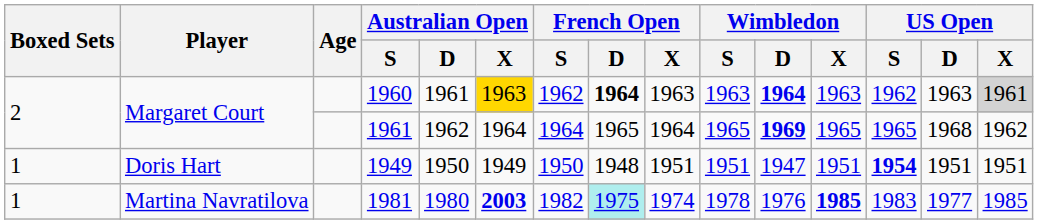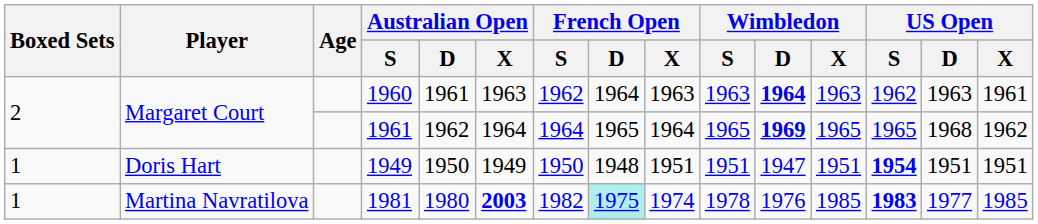 <table class="wikitable defaultcenter col2left sticky-table-col2">
 <tr>
 <th scope=colgroup rowspan="2">Boxed Sets</th>
 <th scope=colgroup rowspan="2">Player</th>
 <th scope=colgroup rowspan="2">Age</th>
 <th scope=colgroup colspan="3"><a href='#'>Australian Open</a></th>
 <th scope=colgroup colspan="3"><a href='#'>French Open</a></th>
 <th scope=colgroup colspan="3"><a href='#'>Wimbledon</a></th>
 <th scope=colgroup colspan="3"><a href='#'>US Open</a></th>
 </tr>
 <tr>
 <th scope=col>S</th>
 <th scope=col class="sticky-table-none">D</th>
 <th scope=col>X</th>
 <th scope=col>S</th>
 <th scope=col>D</th>
 <th scope=col>X</th>
 <th scope=col>S</th>
 <th scope=col>D</th>
 <th scope=col>X</th>
 <th scope=col>S</th>
 <th scope=col>D</th>
 <th scope=col>X</th>
 </tr>
 <tr>
 <td rowspan="2">2</td>
 <td rowspan="2"> <a href='#'>Margaret Court</a></td>
 <td></td>
 <td><a href='#'>1960</a></td>
 <td>1961</td>
-<td style="background: gold;">1963</td>
+<td>1963</td>
 <td><a href='#'>1962</a></td>
-<td><strong>1964</strong></td>
+<td>1964</td>
 <td>1963</td>
 <td><a href='#'>1963</a></td>
 <td><strong><a href='#'>1964</a></strong></td>
 <td><a href='#'>1963</a></td>
 <td><a href='#'>1962</a></td>
 <td>1963</td>
-<td style="background: lightgrey;">1961</td>
+<td>1961</td>
 </tr>
 <tr>
 <td></td>
 <td class="sticky-table-none"><a href='#'>1961</a></td>
 <td>1962</td>
 <td>1964</td>
 <td><a href='#'>1964</a></td>
 <td>1965</td>
 <td>1964</td>
 <td><a href='#'>1965</a></td>
 <td><strong><a href='#'>1969</a></strong></td>
 <td><a href='#'>1965</a></td>
 <td><a href='#'>1965</a></td>
 <td>1968</td>
 <td>1962</td>
 </tr>
 <tr>
 <td>1</td>
 <td> <a href='#'>Doris Hart</a></td>
 <td></td>
 <td><a href='#'>1949</a></td>
 <td>1950</td>
 <td>1949</td>
 <td><a href='#'>1950</a></td>
 <td>1948</td>
 <td>1951</td>
 <td><a href='#'>1951</a></td>
 <td><a href='#'>1947</a></td>
 <td><a href='#'>1951</a></td>
 <td><strong><a href='#'>1954</a></strong></td>
 <td>1951</td>
 <td>1951</td>
 </tr>
 <tr>
 <td>1</td>
 <td> <a href='#'>Martina Navratilova</a></td>
 <td></td>
 <td><a href='#'>1981</a></td>
 <td><a href='#'>1980</a></td>
 <td><strong><a href='#'>2003</a></strong></td>
 <td><a href='#'>1982</a></td>
 <td style="background: paleturquoise;"><a href='#'>1975</a></td>
 <td><a href='#'>1974</a></td>
 <td><a href='#'>1978</a></td>
 <td><a href='#'>1976</a></td>
-<td><strong><a href='#'>1985</a></strong></td>
-<td><a href='#'>1983</a></td>
+<td><a href='#'>1985</a></td>
+<td><strong><a href='#'>1983</a></strong></td>
 <td><a href='#'>1977</a></td>
 <td><a href='#'>1985</a></td>
 </tr>
 </table>
